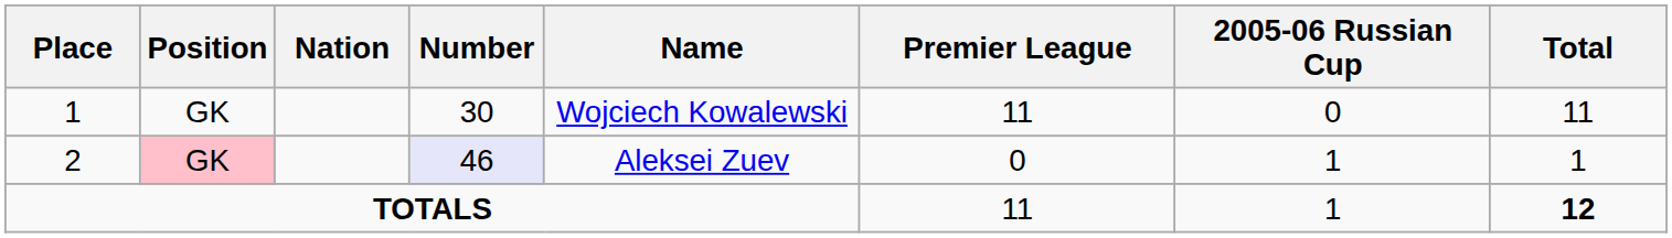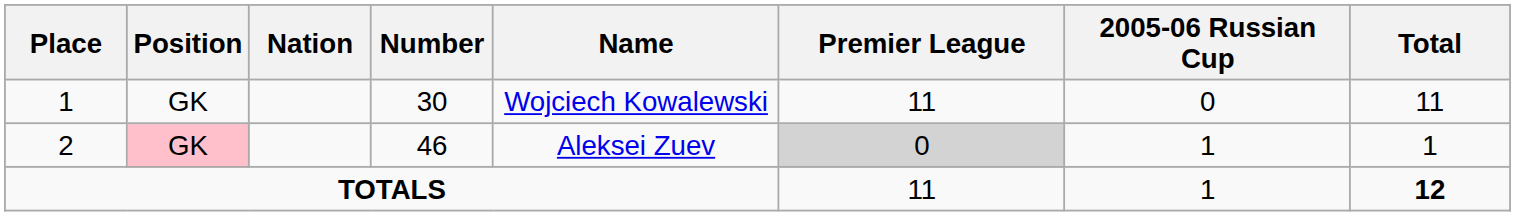 <table class="wikitable" style="font-size: 95%; text-align: center;">
 <tr>
 <th width=60>Place</th>
 <th width=60>Position</th>
 <th width=60>Nation</th>
 <th width=60>Number</th>
 <th width=150>Name</th>
 <th width=150>Premier League</th>
 <th width=150>2005-06 Russian Cup</th>
 <th width=80>Total</th>
 </tr>
 <tr>
 <td>1</td>
 <td>GK</td>
 <td></td>
 <td>30</td>
 <td><a href='#'>Wojciech Kowalewski</a></td>
 <td>11</td>
 <td>0</td>
 <td>11</td>
 </tr>
 <tr>
 <td>2</td>
 <td style="background: pink;">GK</td>
 <td></td>
-<td style="background: lavender;">46</td>
+<td>46</td>
 <td><a href='#'>Aleksei Zuev</a></td>
-<td>0</td>
+<td style="background: lightgrey;">0</td>
 <td>1</td>
 <td>1</td>
 </tr>
 <tr>
 <td colspan="5"><strong>TOTALS</strong></td>
 <td>11</td>
 <td>1</td>
 <td><strong>12</strong></td>
 </tr>
 </table>
